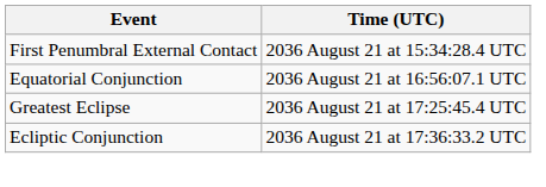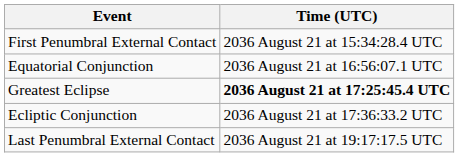 <table class="wikitable">
 <tr>
 <th>Event</th>
 <th>Time (UTC)</th>
 </tr>
 <tr>
 <td>First Penumbral External Contact</td>
 <td>2036 August 21 at 15:34:28.4 UTC</td>
 </tr>
 <tr>
 <td>Equatorial Conjunction</td>
 <td>2036 August 21 at 16:56:07.1 UTC</td>
 </tr>
 <tr>
 <td>Greatest Eclipse</td>
-<td>2036 August 21 at 17:25:45.4 UTC</td>
+<td><strong>2036 August 21 at 17:25:45.4 UTC</strong></td>
 </tr>
 <tr>
 <td>Ecliptic Conjunction</td>
 <td>2036 August 21 at 17:36:33.2 UTC</td>
 </tr>
+<tr>
+<td>Last Penumbral External Contact</td>
+<td>2036 August 21 at 19:17:17.5 UTC</td>
+</tr>
 </table>
